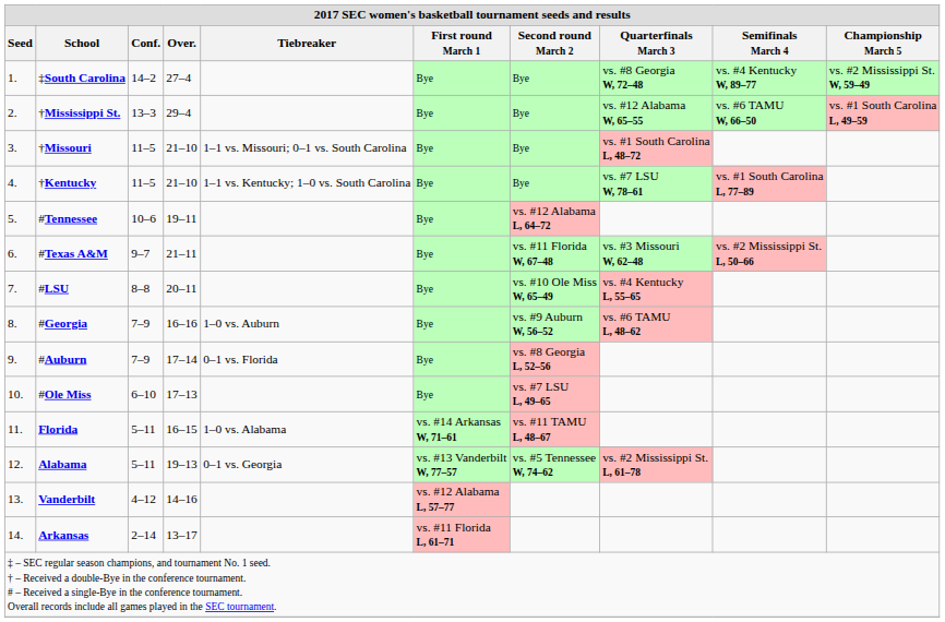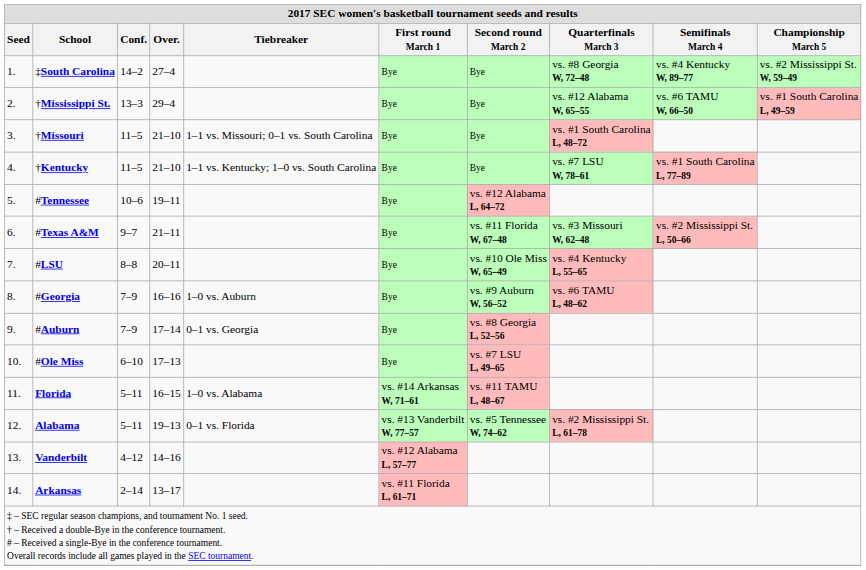 <table class="wikitable" style="white-space:nowrap; font-size:90%;">
 <tr>
 <td colspan="10" style="text-align:center; background:#DDDDDD; font:#000000"><strong>2017 SEC women's basketball tournament seeds and results</strong></td>
 </tr>
 <tr bgcolor="#efefef">
 <th>Seed</th>
 <th>School</th>
 <th>Conf.</th>
 <th>Over.</th>
 <th>Tiebreaker</th>
 <th>First round<br><small>March 1</small></th>
 <th>Second round<br><small>March 2</small></th>
 <th>Quarterfinals<br><small>March 3</small></th>
 <th>Semifinals<br><small>March 4</small></th>
 <th>Championship<br><small>March 5</small></th>
 </tr>
 <tr>
 <td>1.</td>
 <td>‡<strong><a href='#'>South Carolina</a></strong></td>
 <td>14–2</td>
 <td>27–4</td>
 <td></td>
 <td style="background:#bfb;"><small>Bye</small></td>
 <td style="background:#bfb;"><small>Bye</small></td>
 <td style="background:#bfb;">vs. #8 Georgia<br><small><strong>W, 72–48</strong></small></td>
 <td style="background:#bfb;">vs. #4 Kentucky<br><small><strong>W, 89–77</strong></small></td>
 <td style="background:#bfb;">vs. #2 Mississippi St.<br><small><strong>W, 59–49</strong></small></td>
 </tr>
 <tr>
 <td>2.</td>
 <td>†<strong><a href='#'>Mississippi St.</a></strong></td>
 <td>13–3</td>
 <td>29–4</td>
 <td></td>
 <td style="background:#bfb;"><small>Bye</small></td>
 <td style="background:#bfb;"><small>Bye</small></td>
 <td style="background:#bfb;">vs. #12 Alabama<br><small><strong>W, 65–55</strong></small></td>
 <td style="background:#bfb;">vs. #6 TAMU<br><small><strong>W, 66–50</strong></small></td>
 <td style="background:#fbb;">vs. #1 South Carolina<br><small><strong>L, 49–59</strong></small></td>
 </tr>
 <tr>
 <td>3.</td>
 <td>†<strong><a href='#'>Missouri</a></strong></td>
 <td>11–5</td>
 <td>21–10</td>
 <td>1–1 vs. Missouri; 0–1 vs. South Carolina</td>
 <td style="background:#bfb;"><small>Bye</small></td>
 <td style="background:#bfb;"><small>Bye</small></td>
 <td style="background:#fbb;">vs. #1 South Carolina<br><small><strong>L, 48–72</strong></small></td>
 <td></td>
 <td></td>
 </tr>
 <tr>
 <td>4.</td>
 <td>†<strong><a href='#'>Kentucky</a></strong></td>
 <td>11–5</td>
 <td>21–10</td>
 <td>1–1 vs. Kentucky; 1–0 vs. South Carolina</td>
 <td style="background:#bfb;"><small>Bye</small></td>
 <td style="background:#bfb;"><small>Bye</small></td>
 <td style="background:#bfb;">vs. #7 LSU<br><small><strong>W, 78–61</strong></small></td>
 <td style="background:#fbb;">vs. #1 South Carolina<br><small><strong>L, 77–89</strong></small></td>
 <td></td>
 </tr>
 <tr>
 <td>5.</td>
 <td>#<strong><a href='#'>Tennessee</a></strong></td>
 <td>10–6</td>
 <td>19–11</td>
 <td></td>
 <td style="background:#bfb;"><small>Bye</small></td>
 <td style="background:#fbb;">vs. #12 Alabama<br><small><strong>L, 64–72</strong></small></td>
 <td></td>
 <td></td>
 <td></td>
 </tr>
 <tr>
 <td>6.</td>
 <td>#<strong><a href='#'>Texas A&M</a></strong></td>
 <td>9–7</td>
 <td>21–11</td>
 <td></td>
 <td style="background:#bfb;"><small>Bye</small></td>
 <td style="background:#bfb;">vs. #11 Florida<br><small><strong>W, 67–48</strong></small></td>
 <td style="background:#bfb;">vs. #3 Missouri<br><small><strong>W, 62–48</strong></small></td>
 <td style="background:#fbb;">vs. #2 Mississippi St.<br><small><strong>L, 50–66</strong></small></td>
 <td></td>
 </tr>
 <tr>
 <td>7.</td>
 <td>#<strong><a href='#'>LSU</a></strong></td>
 <td>8–8</td>
 <td>20–11</td>
 <td></td>
 <td style="background:#bfb;"><small>Bye</small></td>
 <td style="background:#bfb;">vs. #10 Ole Miss<br><small><strong>W, 65–49</strong></small></td>
 <td style="background:#fbb;">vs. #4 Kentucky<br><small><strong>L, 55–65</strong></small></td>
 <td></td>
 <td></td>
 </tr>
 <tr>
 <td>8.</td>
 <td>#<strong><a href='#'>Georgia</a></strong></td>
 <td>7–9</td>
 <td>16–16</td>
 <td>1–0 vs. Auburn</td>
 <td style="background:#bfb;"><small>Bye</small></td>
 <td style="background:#bfb;">vs. #9 Auburn<br><small><strong>W, 56–52</strong></small></td>
 <td style="background:#fbb;">vs. #6 TAMU<br><small><strong>L, 48–62</strong></small></td>
 <td></td>
 <td></td>
 </tr>
 <tr>
 <td>9.</td>
 <td>#<strong><a href='#'>Auburn</a></strong></td>
 <td>7–9</td>
 <td>17–14</td>
-<td>0–1 vs. Florida</td>
+<td>0–1 vs. Georgia</td>
 <td style="background:#bfb;"><small>Bye</small></td>
 <td style="background:#fbb;">vs. #8 Georgia<br><small><strong>L, 52–56</strong></small></td>
 <td></td>
 <td></td>
 <td></td>
 </tr>
 <tr>
 <td>10.</td>
 <td>#<strong><a href='#'>Ole Miss</a></strong></td>
 <td>6–10</td>
 <td>17–13</td>
 <td></td>
 <td style="background:#bfb;"><small>Bye</small></td>
 <td style="background:#fbb;">vs. #7 LSU<br><small><strong>L, 49–65</strong></small></td>
 <td></td>
 <td></td>
 <td></td>
 </tr>
 <tr>
 <td>11.</td>
 <td><strong><a href='#'>Florida</a></strong></td>
 <td>5–11</td>
 <td>16–15</td>
 <td>1–0 vs. Alabama</td>
 <td style="background:#bfb;">vs. #14 Arkansas<br><small><strong>W, 71–61</strong></small></td>
 <td style="background:#fbb;">vs. #11 TAMU<br><small><strong>L, 48–67</strong></small></td>
 <td></td>
 <td></td>
 <td></td>
 </tr>
 <tr>
 <td>12.</td>
 <td><strong><a href='#'>Alabama</a></strong></td>
 <td>5–11</td>
 <td>19–13</td>
-<td>0–1 vs. Georgia</td>
+<td>0–1 vs. Florida</td>
 <td style="background:#bfb;">vs. #13 Vanderbilt<br><small><strong>W, 77–57</strong></small></td>
 <td style="background:#bfb;">vs. #5 Tennessee<br><small><strong>W, 74–62</strong></small></td>
 <td style="background:#fbb;">vs. #2 Mississippi St.<br><small><strong>L, 61–78</strong></small></td>
 <td></td>
 <td></td>
 </tr>
 <tr>
 <td>13.</td>
 <td><strong><a href='#'>Vanderbilt</a></strong></td>
 <td>4–12</td>
 <td>14–16</td>
 <td></td>
 <td style="background:#fbb;">vs. #12 Alabama<br><small><strong>L, 57–77</strong></small></td>
 <td></td>
 <td></td>
 <td></td>
 <td></td>
 </tr>
 <tr>
 <td>14.</td>
 <td><strong><a href='#'>Arkansas</a></strong></td>
 <td>2–14</td>
 <td>13–17</td>
 <td></td>
 <td style="background:#fbb;">vs. #11 Florida<br><small><strong>L, 61–71</strong></small></td>
 <td></td>
 <td></td>
 <td></td>
 <td></td>
 </tr>
 <tr>
 <td colspan="10" style="text-align:left;"><small>‡ – SEC regular season champions, and tournament No. 1 seed.<br>† – Received a double-Bye in the conference tournament.<br># – Received a single-Bye in the conference tournament.<br>Overall records include all games played in the <a href='#'>SEC tournament</a>.</small></td>
 </tr>
 <tr>
 </tr>
 </table>
